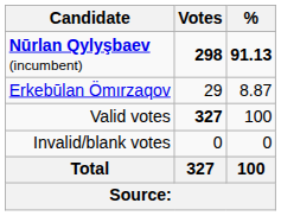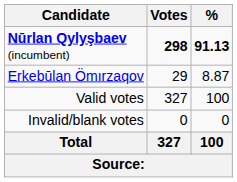 <table class="wikitable" style="text-align:right">
 <tr>
 <th>Candidate</th>
 <th>Votes</th>
 <th>%</th>
 </tr>
 <tr>
 <td align="left"><strong><a href='#'>Nūrlan Qylyşbaev</a></strong><br><small>(incumbent)</small></td>
 <td><strong>298</strong></td>
 <td><strong>91.13</strong></td>
 </tr>
 <tr>
 <td align="left"><a href='#'>Erkebūlan Ömırzaqov</a></td>
 <td>29</td>
 <td>8.87</td>
 </tr>
 <tr>
 <td>Valid votes</td>
-<td><strong>327</strong></td>
+<td>327</td>
 <td>100</td>
 </tr>
 <tr>
 <td>Invalid/blank votes</td>
 <td>0</td>
 <td>0</td>
 </tr>
 <tr>
 <th>Total</th>
 <th>327</th>
 <th>100</th>
 </tr>
 <tr>
 <th colspan="3">Source: </th>
 </tr>
 </table>
